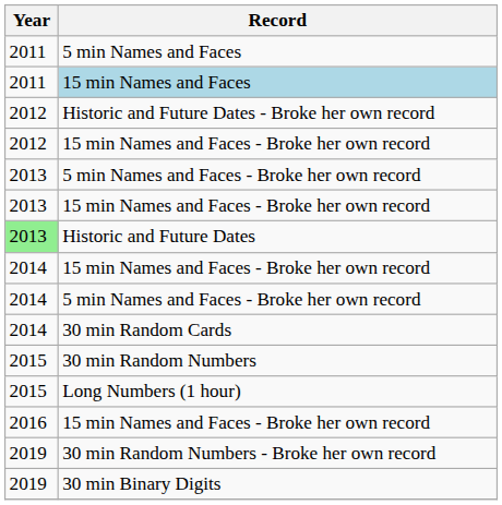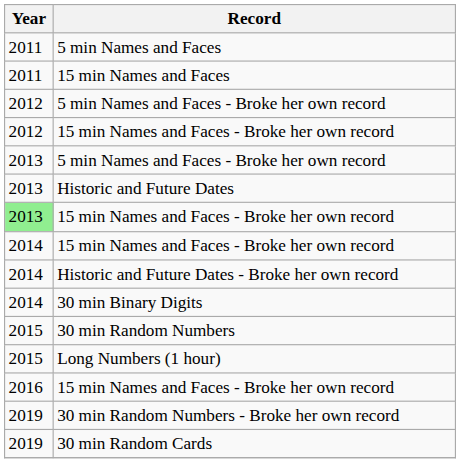 <table class="wikitable sortable"  style="width:400px; font-size:95%;">
 <tr>
 <th style="text-align:center;">Year</th>
 <th style="text-align:center;">Record</th>
 </tr>
 <tr>
 <td>2011</td>
 <td>5 min Names and Faces</td>
 </tr>
 <tr>
 <td>2011</td>
-<td style="background: lightblue;">15 min Names and Faces</td>
+<td>15 min Names and Faces</td>
 </tr>
 <tr>
 <td>2012</td>
-<td>Historic and Future Dates - Broke her own record</td>
+<td>5 min Names and Faces - Broke her own record</td>
 </tr>
 <tr>
 <td>2012</td>
 <td>15 min Names and Faces - Broke her own record</td>
 </tr>
 <tr>
 <td>2013</td>
 <td>5 min Names and Faces - Broke her own record</td>
 </tr>
 <tr>
 <td>2013</td>
-<td>15 min Names and Faces - Broke her own record</td>
+<td>Historic and Future Dates</td>
 </tr>
 <tr>
 <td style="background: lightgreen;">2013</td>
-<td>Historic and Future Dates</td>
+<td>15 min Names and Faces - Broke her own record</td>
 </tr>
 <tr>
 <td>2014</td>
 <td>15 min Names and Faces - Broke her own record</td>
 </tr>
 <tr>
 <td>2014</td>
-<td>5 min Names and Faces - Broke her own record</td>
+<td>Historic and Future Dates - Broke her own record</td>
 </tr>
 <tr>
 <td>2014</td>
-<td>30 min Random Cards</td>
+<td>30 min Binary Digits</td>
 </tr>
 <tr>
 <td>2015</td>
 <td>30 min Random Numbers</td>
 </tr>
 <tr>
 <td>2015</td>
 <td>Long Numbers (1 hour)</td>
 </tr>
 <tr>
 <td>2016</td>
 <td>15 min Names and Faces - Broke her own record</td>
 </tr>
 <tr>
 <td>2019</td>
 <td>30 min Random Numbers - Broke her own record</td>
 </tr>
 <tr>
 <td>2019</td>
-<td>30 min Binary Digits</td>
+<td>30 min Random Cards</td>
 </tr>
 <tr>
 </tr>
 </table>
